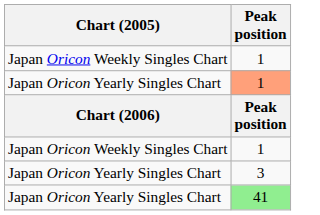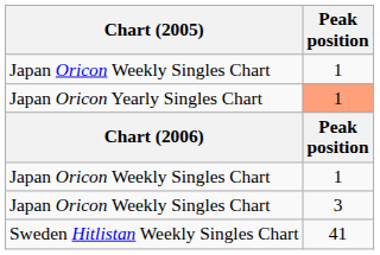 <table class="wikitable sortable">
 <tr>
 <th>Chart (2005)</th>
 <th>Peak<br>position</th>
 </tr>
 <tr>
 <td>Japan <em><a href='#'>Oricon</a></em> Weekly Singles Chart</td>
 <td align="center">1</td>
 </tr>
 <tr>
 <td>Japan <em>Oricon</em> Yearly Singles Chart</td>
 <td align="center" style="background: lightsalmon;">1</td>
 </tr>
 <tr>
 <th>Chart (2006)</th>
 <th align="center">Peak<br>position</th>
 </tr>
 <tr>
 <td>Japan <em>Oricon</em> Weekly Singles Chart</td>
 <td align="center">1</td>
 </tr>
 <tr>
-<td>Japan <em>Oricon</em> Yearly Singles Chart</td>
+<td>Japan <em>Oricon</em> Weekly Singles Chart</td>
 <td align="center">3</td>
 </tr>
 <tr>
-<td>Japan <em>Oricon</em> Yearly Singles Chart</td>
-<td align="center" style="background: lightgreen;">41</td>
+<td>Sweden <em><a href='#'>Hitlistan</a></em> Weekly Singles Chart</td>
+<td align="center">41</td>
 </tr>
 </table>
